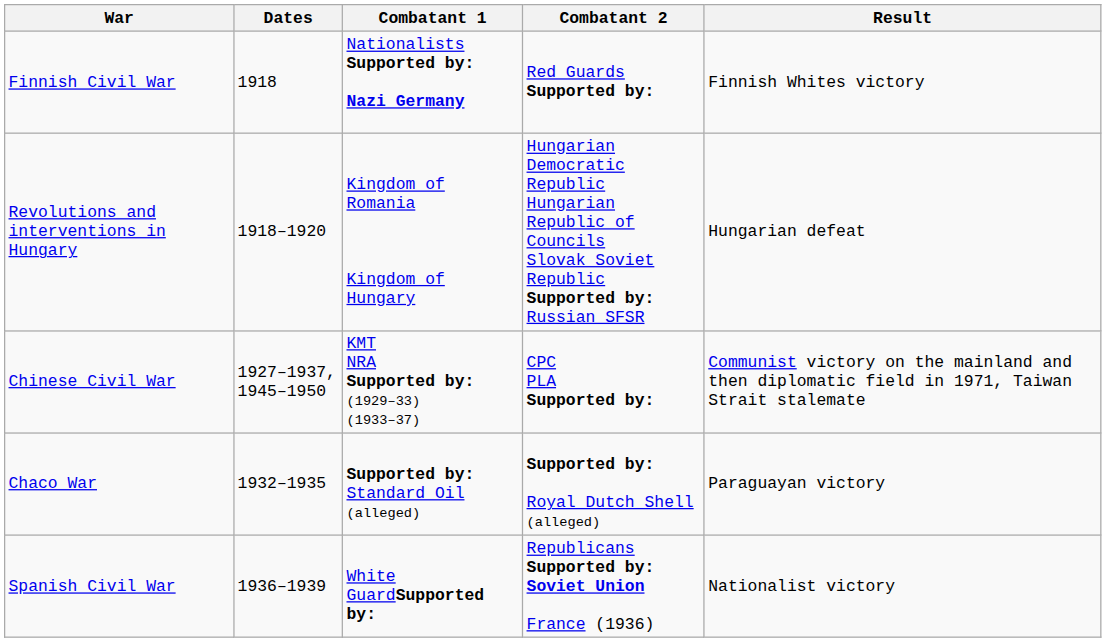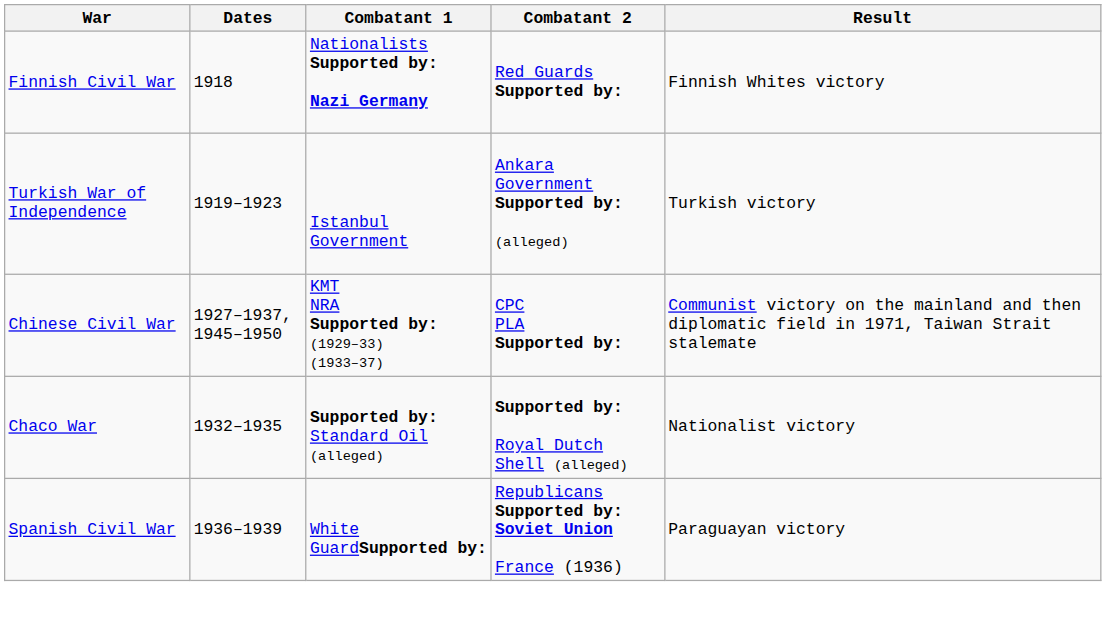 <table class="wikitable" border="1">
 <tr>
 <th>War</th>
 <th>Dates</th>
 <th>Combatant 1</th>
 <th>Combatant 2</th>
 <th>Result</th>
 </tr>
 <tr>
 <td><a href='#'>Finnish Civil War</a></td>
 <td>1918</td>
 <td> <a href='#'>Nationalists</a><br><strong>Supported by:</strong><br><strong></strong><br> <strong><a href='#'>Nazi Germany</a></strong><br><br></td>
 <td><a href='#'>Red Guards</a><br><strong>Supported by:</strong><br></td>
 <td>Finnish Whites victory</td>
 </tr>
 <tr>
-<td><a href='#'>Revolutions and interventions in Hungary</a></td>
-<td>1918–1920</td>
-<td><br> <a href='#'>Kingdom of Romania</a><br><br><br><br> <a href='#'>Kingdom of Hungary</a><br></td>
-<td> <a href='#'>Hungarian Democratic Republic</a><br> <a href='#'>Hungarian Republic of Councils</a><br> <a href='#'>Slovak Soviet Republic</a><br><strong>Supported by:</strong><br>  <a href='#'>Russian SFSR</a></td>
-<td>Hungarian defeat</td>
+<td><a href='#'>Turkish War of Independence</a></td>
+<td>1919–1923</td>
+<td><br><br><br><br> <a href='#'>Istanbul Government</a><br><br></td>
+<td> <a href='#'>Ankara Government</a><br><strong>Supported by:</strong><br><br> <small>(alleged)</small><br></td>
+<td>Turkish victory</td>
 </tr>
 <tr>
 <td><a href='#'>Chinese Civil War</a></td>
 <td>1927–1937, 1945–1950</td>
 <td> <a href='#'>KMT</a><br>  <a href='#'>NRA</a><br><strong>Supported by:</strong><br> <small>(1929–33)</small><br> <small>(1933–37)</small><br></td>
 <td> <a href='#'>CPC</a><br> <a href='#'>PLA</a><br><strong>Supported by:</strong><br></td>
 <td><a href='#'>Communist</a> victory on the mainland and then diplomatic field in 1971, Taiwan Strait stalemate</td>
 </tr>
 <tr>
 <td><a href='#'>Chaco War</a></td>
 <td>1932–1935</td>
 <td><br><strong>Supported by:</strong><br><a href='#'>Standard Oil</a> <small>(alleged)</small></td>
 <td><br><strong>Supported by:</strong><br><br><a href='#'>Royal Dutch Shell</a> <small>(alleged)</small></td>
-<td>Paraguayan victory</td>
+<td>Nationalist victory</td>
 </tr>
 <tr>
 <td><a href='#'>Spanish Civil War</a></td>
 <td>1936–1939</td>
 <td><br><a href='#'>White Guard</a><strong>Supported by:</strong><br></td>
 <td> <a href='#'>Republicans</a><br><strong>Supported by:</strong><br> <strong><a href='#'>Soviet Union</a></strong><br><br> <a href='#'>France</a> (1936)</td>
-<td>Nationalist victory</td>
+<td>Paraguayan victory</td>
 </tr>
 </table>
